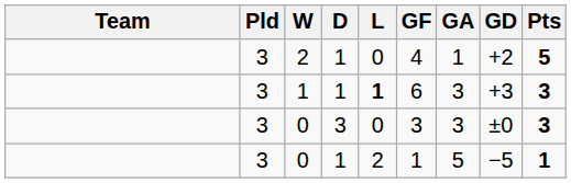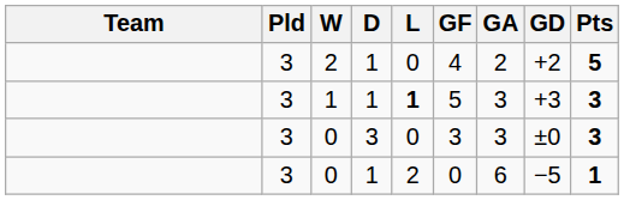 <table class="wikitable" style="text-align: center;">
 <tr>
 <th width=165>Team</th>
 <th width=20>Pld</th>
 <th width=20>W</th>
 <th width=20>D</th>
 <th width=20>L</th>
 <th width=20>GF</th>
 <th width=20>GA</th>
 <th width=20>GD</th>
 <th width=20>Pts</th>
 </tr>
 <tr>
 <td style="text-align:left;"></td>
 <td>3</td>
 <td>2</td>
 <td>1</td>
 <td>0</td>
 <td>4</td>
-<td>1</td>
+<td>2</td>
 <td>+2</td>
 <td><strong>5</strong></td>
 </tr>
 <tr>
 <td style="text-align:left;"></td>
 <td>3</td>
 <td>1</td>
 <td>1</td>
 <td><strong>1</strong></td>
-<td>6</td>
+<td>5</td>
 <td>3</td>
 <td>+3</td>
 <td><strong>3</strong></td>
 </tr>
 <tr>
 <td style="text-align:left;"></td>
 <td>3</td>
 <td>0</td>
 <td>3</td>
 <td>0</td>
 <td>3</td>
 <td>3</td>
 <td>±0</td>
 <td><strong>3</strong></td>
 </tr>
 <tr>
 <td style="text-align:left;"></td>
 <td>3</td>
 <td>0</td>
 <td>1</td>
 <td>2</td>
-<td>1</td>
-<td>5</td>
+<td>0</td>
+<td>6</td>
 <td>−5</td>
 <td><strong>1</strong></td>
 </tr>
 </table>
